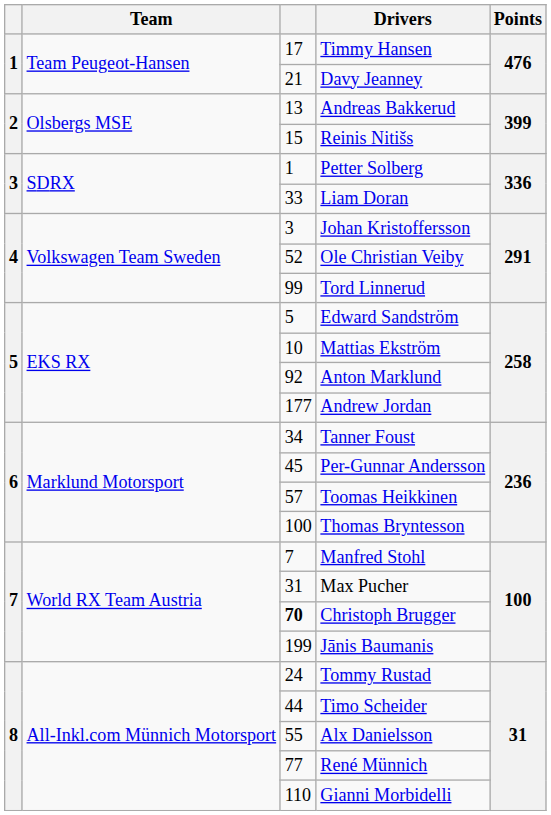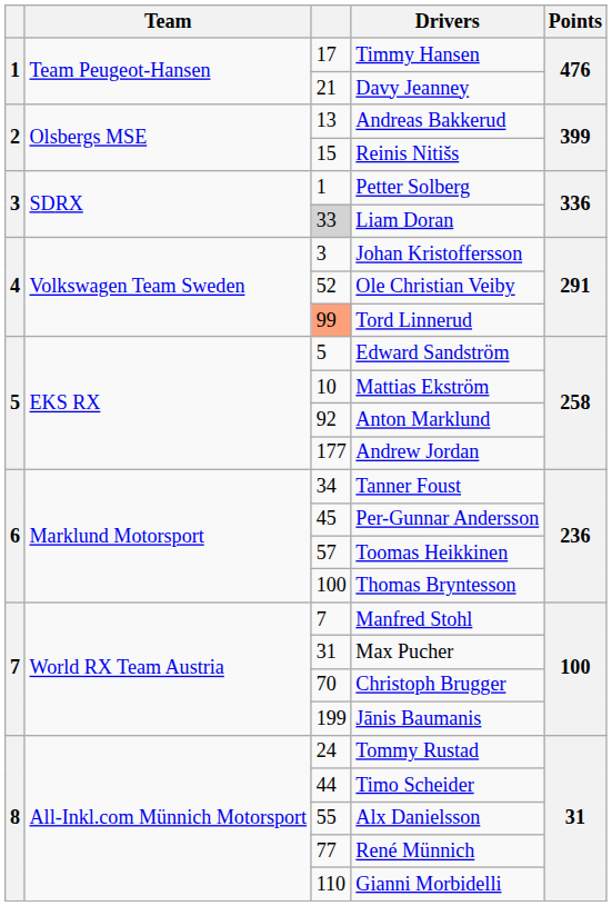 <table class="wikitable" style="font-size: 85%">
 <tr valign="top">
 <th valign="middle"></th>
 <th valign="middle">Team</th>
 <th valign="middle"></th>
 <th valign="middle">Drivers</th>
 <th valign="middle">Points</th>
 </tr>
 <tr>
 <th rowspan=2>1</th>
 <td rowspan=2> <a href='#'>Team Peugeot-Hansen</a></td>
 <td>17</td>
 <td> <a href='#'>Timmy Hansen</a></td>
 <th rowspan=2>476</th>
 </tr>
 <tr>
 <td>21</td>
 <td> <a href='#'>Davy Jeanney</a></td>
 </tr>
 <tr>
 <th rowspan=2>2</th>
 <td rowspan=2> <a href='#'>Olsbergs MSE</a></td>
 <td>13</td>
 <td> <a href='#'>Andreas Bakkerud</a></td>
 <th rowspan=2>399</th>
 </tr>
 <tr>
 <td>15</td>
 <td> <a href='#'>Reinis Nitišs</a></td>
 </tr>
 <tr>
 <th rowspan=2>3</th>
 <td rowspan=2> <a href='#'>S</a><a href='#'>D</a><a href='#'>RX</a></td>
 <td>1</td>
 <td> <a href='#'>Petter Solberg</a></td>
 <th rowspan=2>336</th>
 </tr>
 <tr>
-<td>33</td>
+<td style="background: lightgrey;">33</td>
 <td> <a href='#'>Liam Doran</a></td>
 </tr>
 <tr>
 <th rowspan=3>4</th>
 <td rowspan=3> <a href='#'>Volkswagen Team Sweden</a></td>
 <td>3</td>
 <td> <a href='#'>Johan Kristoffersson</a></td>
 <th rowspan=3>291</th>
 </tr>
 <tr>
 <td>52</td>
 <td> <a href='#'>Ole Christian Veiby</a></td>
 </tr>
 <tr>
-<td>99</td>
+<td style="background: lightsalmon;">99</td>
 <td> <a href='#'>Tord Linnerud</a></td>
 </tr>
 <tr>
 <th rowspan=4>5</th>
 <td rowspan=4> <a href='#'>EKS RX</a></td>
 <td>5</td>
 <td> <a href='#'>Edward Sandström</a></td>
 <th rowspan=4>258</th>
 </tr>
 <tr>
 <td>10</td>
 <td> <a href='#'>Mattias Ekström</a></td>
 </tr>
 <tr>
 <td>92</td>
 <td> <a href='#'>Anton Marklund</a></td>
 </tr>
 <tr>
 <td>177</td>
 <td> <a href='#'>Andrew Jordan</a></td>
 </tr>
 <tr>
 <th rowspan=4>6</th>
 <td rowspan=4> <a href='#'>Marklund Motorsport</a></td>
 <td>34</td>
 <td> <a href='#'>Tanner Foust</a></td>
 <th rowspan=4>236</th>
 </tr>
 <tr>
 <td>45</td>
 <td> <a href='#'>Per-Gunnar Andersson</a></td>
 </tr>
 <tr>
 <td>57</td>
 <td> <a href='#'>Toomas Heikkinen</a></td>
 </tr>
 <tr>
 <td>100</td>
 <td> <a href='#'>Thomas Bryntesson</a></td>
 </tr>
 <tr>
 <th rowspan=4>7</th>
 <td rowspan=4> <a href='#'>World RX Team Austria</a></td>
 <td>7</td>
 <td> <a href='#'>Manfred Stohl</a></td>
 <th rowspan=4>100</th>
 </tr>
 <tr>
 <td>31</td>
 <td> Max Pucher</td>
 </tr>
 <tr>
-<td><strong>70</strong></td>
+<td>70</td>
 <td> <a href='#'>Christoph Brugger</a></td>
 </tr>
 <tr>
 <td>199</td>
 <td> <a href='#'>Jānis Baumanis</a></td>
 </tr>
 <tr>
 <th rowspan=5>8</th>
 <td rowspan=5> <a href='#'>All-Inkl.com Münnich Motorsport</a></td>
 <td>24</td>
 <td> <a href='#'>Tommy Rustad</a></td>
 <th rowspan=5>31</th>
 </tr>
 <tr>
 <td>44</td>
 <td> <a href='#'>Timo Scheider</a></td>
 </tr>
 <tr>
 <td>55</td>
 <td> <a href='#'>Alx Danielsson</a></td>
 </tr>
 <tr>
 <td>77</td>
 <td> <a href='#'>René Münnich</a></td>
 </tr>
 <tr>
 <td>110</td>
 <td> <a href='#'>Gianni Morbidelli</a></td>
 </tr>
 </table>
